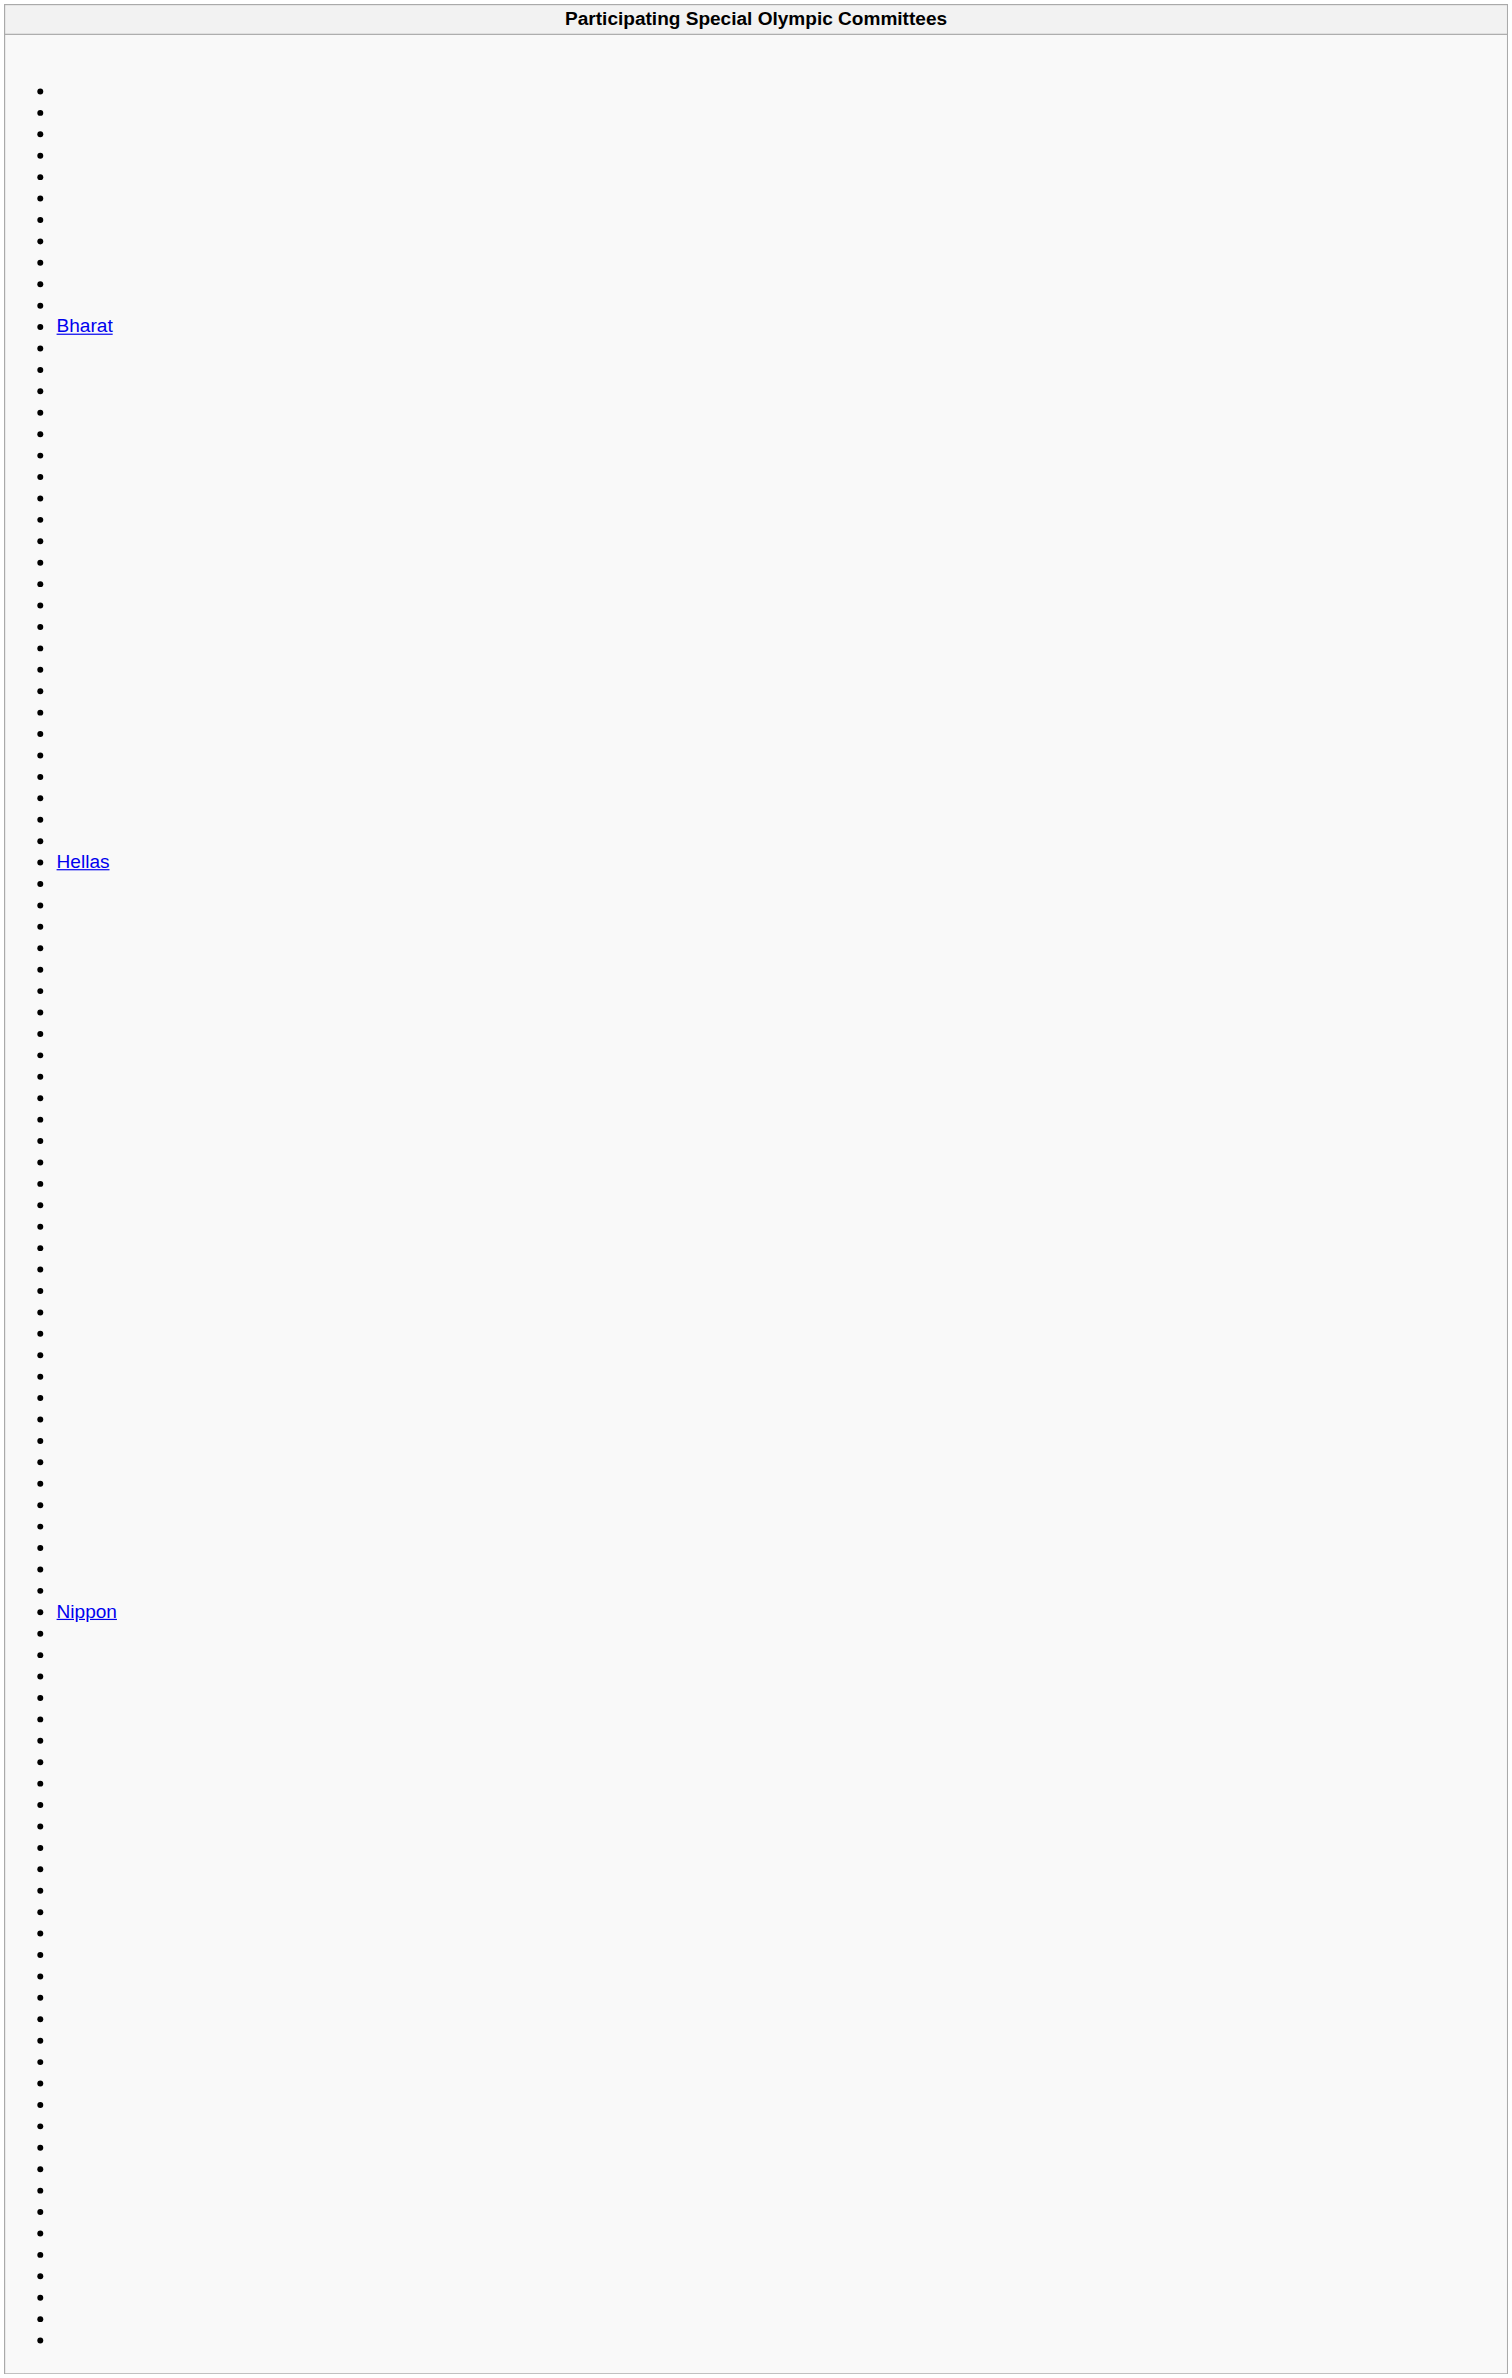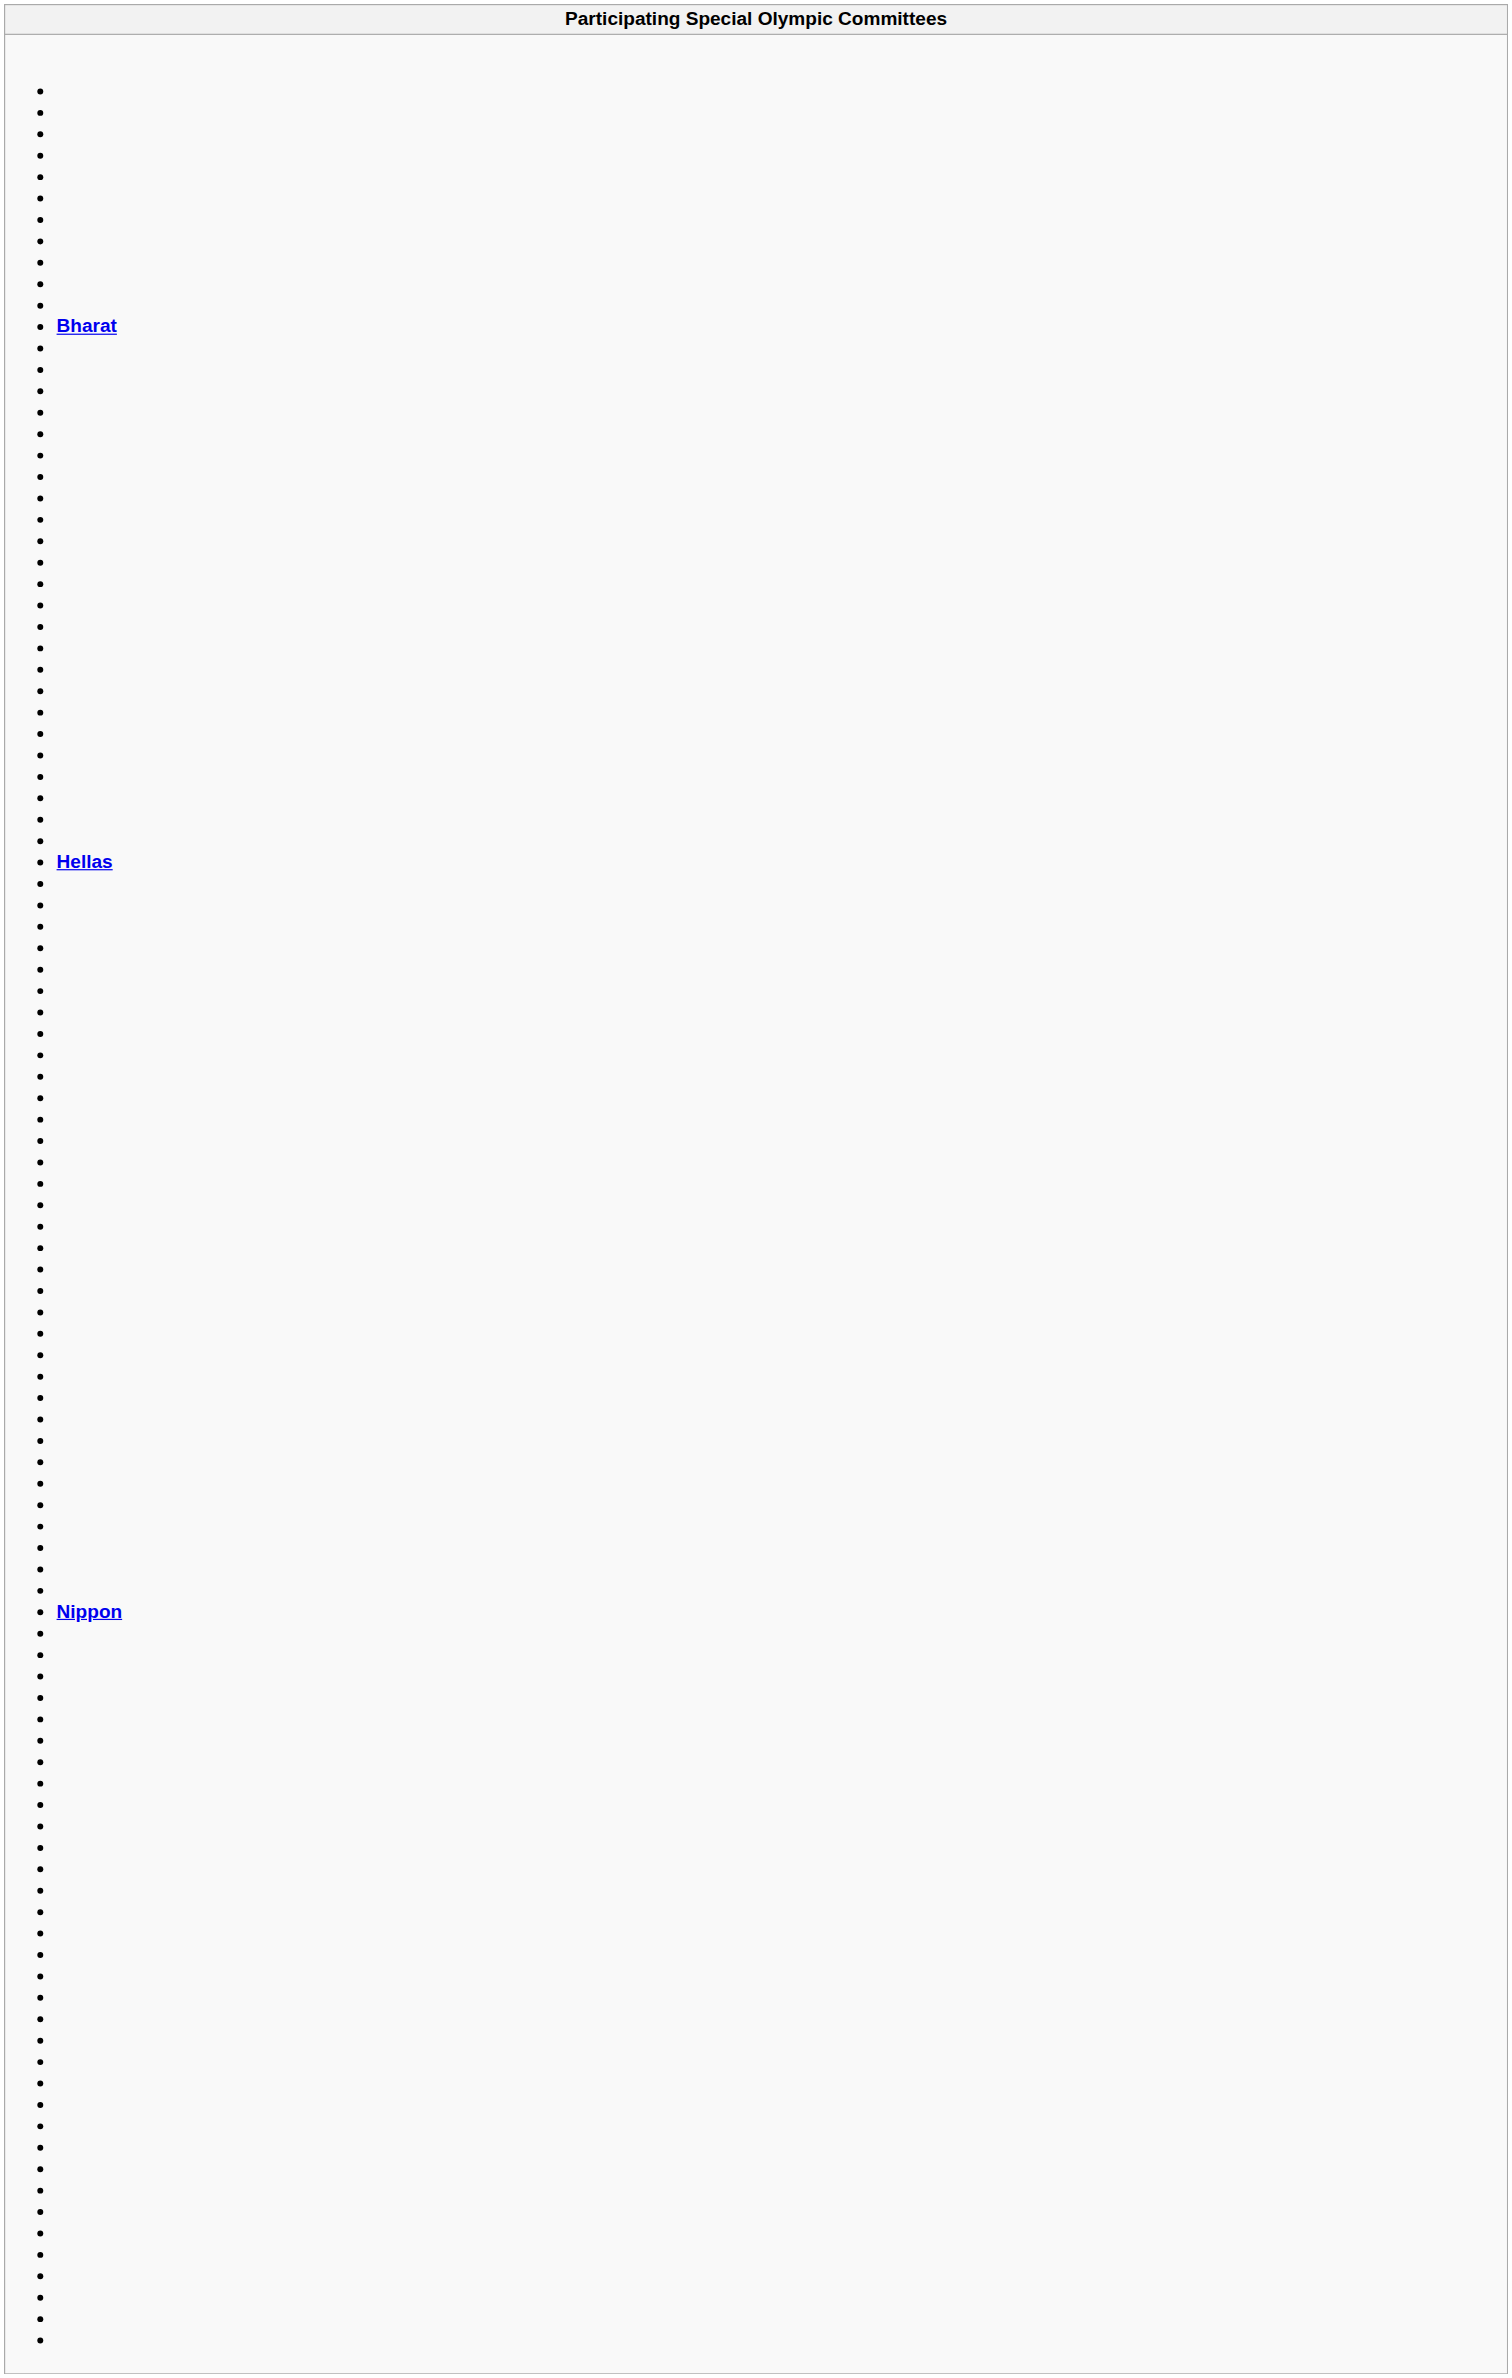 <table class="wikitable collapsible" style="width:100%;">
 <tr>
 <th>Participating Special Olympic Committees</th>
 </tr>
 <tr>
-<td><br><ul><li></li><li></li><li></li><li></li><li></li><li></li><li></li><li></li><li></li><li></li><li></li><li> <a href='#'>Bharat</a></li><li></li><li></li><li></li><li></li><li></li><li></li><li></li><li></li><li></li><li></li><li></li><li></li><li></li><li></li><li></li><li></li><li></li><li></li><li></li><li></li><li></li><li></li><li></li><li></li><li> <a href='#'>Hellas</a></li><li></li><li></li><li></li><li></li><li></li><li></li><li></li><li></li><li></li><li></li><li></li><li></li><li></li><li></li><li></li><li></li><li></li><li></li><li></li><li></li><li></li><li></li><li></li><li></li><li></li><li></li><li></li><li></li><li></li><li></li><li></li><li></li><li></li><li></li><li> <a href='#'>Nippon</a></li><li></li><li></li><li></li><li></li><li></li><li></li><li></li><li></li><li></li><li></li><li></li><li></li><li></li><li></li><li></li><li></li><li></li><li></li><li></li><li></li><li></li><li></li><li></li><li></li><li></li><li></li><li></li><li></li><li></li><li></li><li></li><li></li><li></li><li></li></ul></td>
+<td><strong><br><ul><li></li><li></li><li></li><li></li><li></li><li></li><li></li><li></li><li></li><li></li><li></li><li> <a href='#'>Bharat</a></li><li></li><li></li><li></li><li></li><li></li><li></li><li></li><li></li><li></li><li></li><li></li><li></li><li></li><li></li><li></li><li></li><li></li><li></li><li></li><li></li><li></li><li></li><li></li><li></li><li> <a href='#'>Hellas</a></li><li></li><li></li><li></li><li></li><li></li><li></li><li></li><li></li><li></li><li></li><li></li><li></li><li></li><li></li><li></li><li></li><li></li><li></li><li></li><li></li><li></li><li></li><li></li><li></li><li></li><li></li><li></li><li></li><li></li><li></li><li></li><li></li><li></li><li></li><li> <a href='#'>Nippon</a></li><li></li><li></li><li></li><li></li><li></li><li></li><li></li><li></li><li></li><li></li><li></li><li></li><li></li><li></li><li></li><li></li><li></li><li></li><li></li><li></li><li></li><li></li><li></li><li></li><li></li><li></li><li></li><li></li><li></li><li></li><li></li><li></li><li></li><li></li></ul></strong></td>
 </tr>
 </table>
